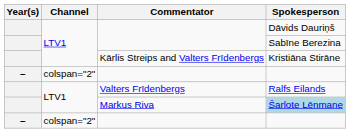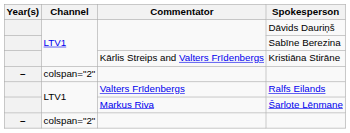 <table class="wikitable sortable plainrowheaders">
 <tr>
 <th scope="col">Year(s)</th>
 <th scope="col">Channel</th>
 <th scope="col">Commentator</th>
 <th scope="col">Spokesperson</th>
 </tr>
 <tr>
 <th scope="row" style="text-align:center;"></th>
 <td rowspan="3"><a href='#'>LTV1</a></td>
 <td rowspan=2></td>
 <td>Dāvids Dauriņš</td>
 </tr>
 <tr>
 <th scope="row" style="text-align:center;"></th>
 <td>Sabīne Berezina</td>
 </tr>
 <tr>
 <th scope="row" style="text-align:center;"></th>
 <td>Kārlis Streips and <a href='#'>Valters Frīdenbergs</a></td>
 <td>Kristiāna Stirāne</td>
 </tr>
 <tr>
 <th scope="row" style="text-align:center;">–</th>
 <td>colspan="2" </td>
 <td></td>
 </tr>
 <tr>
 <th scope="row" style="text-align:center;"></th>
 <td rowspan="2">LTV1</td>
 <td><a href='#'>Valters Frīdenbergs</a></td>
 <td><a href='#'>Ralfs Eilands</a></td>
 </tr>
 <tr>
 <th scope="row" style="text-align:center;"></th>
 <td><a href='#'>Markus Riva</a></td>
-<td style="background: lightblue;"><a href='#'>Šarlote Lēnmane</a></td>
+<td><a href='#'>Šarlote Lēnmane</a></td>
 </tr>
 <tr>
 <th scope="row" style="text-align:center;">–</th>
 <td>colspan="2" </td>
 <td></td>
 </tr>
 </table>
